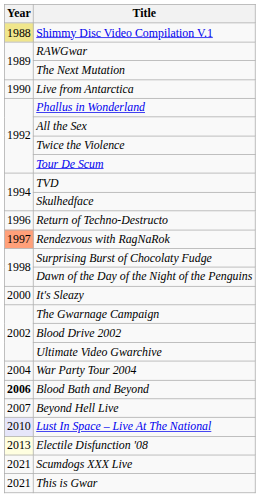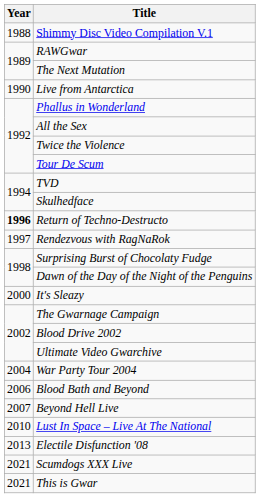 <table class="wikitable">
 <tr>
 <th>Year</th>
 <th>Title</th>
 </tr>
 <tr>
-<td style="background: khaki;">1988</td>
+<td>1988</td>
 <td><a href='#'>Shimmy Disc Video Compilation V.1</a></td>
 </tr>
 <tr>
 <td rowspan="2">1989</td>
 <td><em>RAWGwar</em></td>
 </tr>
 <tr>
 <td><em>The Next Mutation</em></td>
 </tr>
 <tr>
 <td>1990</td>
 <td><em>Live from Antarctica</em></td>
 </tr>
 <tr>
 <td rowspan="4">1992</td>
 <td><em><a href='#'>Phallus in Wonderland</a></em></td>
 </tr>
 <tr>
 <td><em>All the Sex</em></td>
 </tr>
 <tr>
 <td><em>Twice the Violence</em></td>
 </tr>
 <tr>
 <td><em><a href='#'>Tour De Scum</a></em></td>
 </tr>
 <tr>
 <td rowspan="2">1994</td>
 <td><em>TVD</em></td>
 </tr>
 <tr>
 <td><em>Skulhedface</em></td>
 </tr>
 <tr>
-<td>1996</td>
+<td><strong>1996</strong></td>
 <td><em>Return of Techno-Destructo</em></td>
 </tr>
 <tr>
-<td style="background: lightsalmon;">1997</td>
+<td>1997</td>
 <td><em>Rendezvous with RagNaRok</em></td>
 </tr>
 <tr>
 <td rowspan="2">1998</td>
 <td><em>Surprising Burst of Chocolaty Fudge</em></td>
 </tr>
 <tr>
 <td><em>Dawn of the Day of the Night of the Penguins</em></td>
 </tr>
 <tr>
 <td>2000</td>
 <td><em>It's Sleazy</em></td>
 </tr>
 <tr>
 <td rowspan="3">2002</td>
 <td><em>The Gwarnage Campaign</em></td>
 </tr>
 <tr>
 <td><em>Blood Drive 2002</em></td>
 </tr>
 <tr>
 <td><em>Ultimate Video Gwarchive</em></td>
 </tr>
 <tr>
 <td>2004</td>
 <td><em>War Party Tour 2004</em></td>
 </tr>
 <tr>
-<td><strong>2006</strong></td>
+<td>2006</td>
 <td><em>Blood Bath and Beyond</em></td>
 </tr>
 <tr>
 <td>2007</td>
 <td><em>Beyond Hell Live</em></td>
 </tr>
 <tr>
-<td style="background: lavender;">2010</td>
+<td>2010</td>
 <td><em><a href='#'>Lust In Space – Live At The National</a></em></td>
 </tr>
 <tr>
-<td style="background: lightyellow;">2013</td>
+<td>2013</td>
 <td><em>Electile Disfunction '08</em></td>
 </tr>
 <tr>
 <td>2021</td>
 <td><em>Scumdogs XXX Live</em></td>
 </tr>
 <tr>
 <td>2021</td>
 <td><em>This is Gwar</em></td>
 </tr>
 </table>
